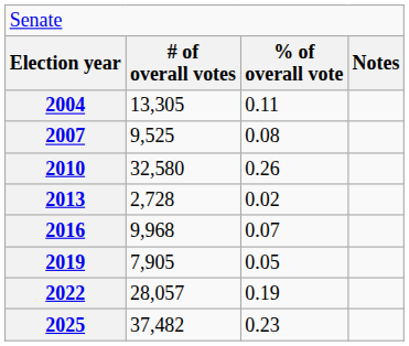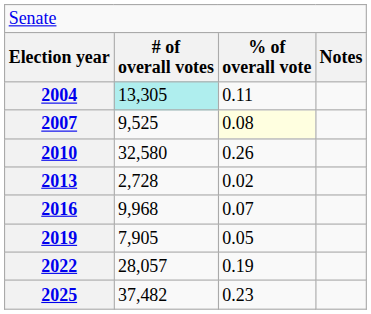 <table class=wikitable>
 <tr>
 <td colspan=7><a href='#'>Senate</a></td>
 </tr>
 <tr>
 <th>Election year</th>
 <th># of<br>overall votes</th>
 <th>% of<br>overall vote</th>
 <th>Notes</th>
 </tr>
 <tr>
 <th><a href='#'>2004</a></th>
-<td>13,305</td>
+<td style="background: paleturquoise;">13,305</td>
 <td>0.11</td>
 <td></td>
 </tr>
 <tr>
 <th><a href='#'>2007</a></th>
 <td>9,525</td>
-<td>0.08</td>
+<td style="background: lightyellow;">0.08</td>
 <td></td>
 </tr>
 <tr>
 <th><a href='#'>2010</a></th>
 <td>32,580</td>
 <td>0.26</td>
 <td></td>
 </tr>
 <tr>
 <th><a href='#'>2013</a></th>
 <td>2,728</td>
 <td>0.02</td>
 <td></td>
 </tr>
 <tr>
 <th><a href='#'>2016</a></th>
 <td>9,968</td>
 <td>0.07</td>
 <td></td>
 </tr>
 <tr>
 <th><a href='#'>2019</a></th>
 <td>7,905</td>
 <td>0.05</td>
 <td></td>
 </tr>
 <tr>
 <th><a href='#'>2022</a></th>
 <td>28,057</td>
 <td>0.19</td>
 <td></td>
 </tr>
 <tr>
 <th><a href='#'>2025</a></th>
 <td>37,482</td>
 <td>0.23</td>
 <td></td>
 </tr>
 </table>
